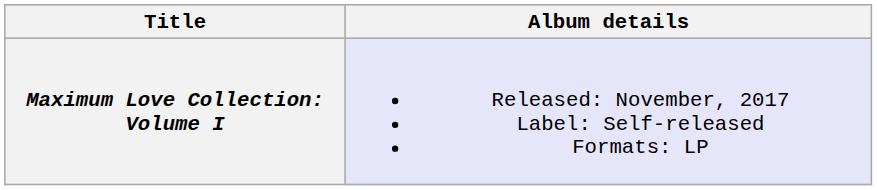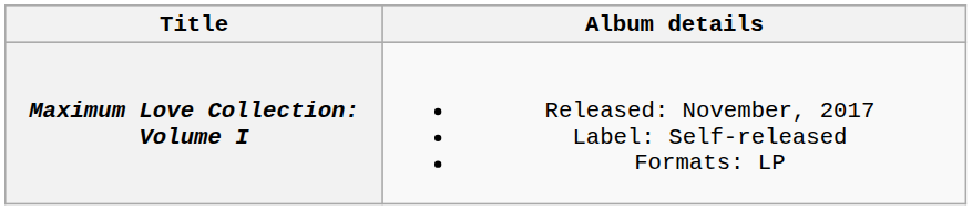 <table class="wikitable plainrowheaders" style="text-align:center;">
 <tr>
 <th scope="col" style="width:16em;">Title</th>
 <th scope="col" style="width:25em;">Album details</th>
 </tr>
 <tr>
 <th scope="row"><em>Maximum Love Collection: Volume I</em></th>
-<td style="background: lavender;"><br><ul><li>Released: November, 2017</li><li>Label: Self-released</li><li>Formats: LP</li></ul></td>
+<td><br><ul><li>Released: November, 2017</li><li>Label: Self-released</li><li>Formats: LP</li></ul></td>
 </tr>
 </table>
